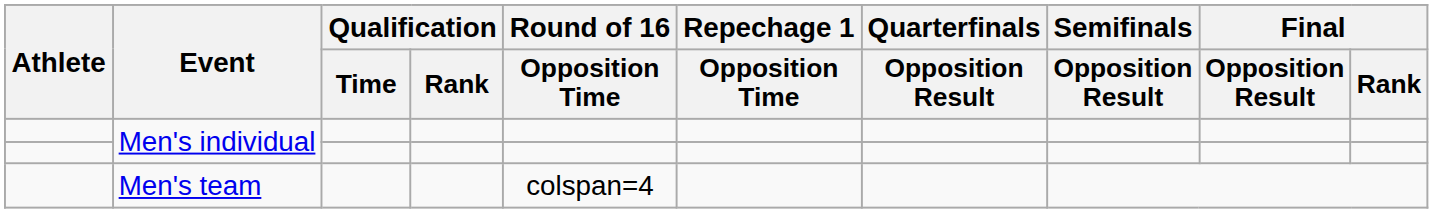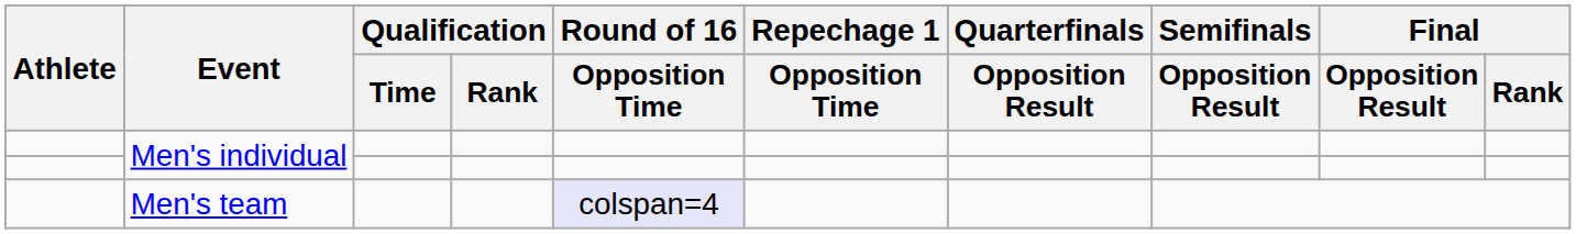 <table class=wikitable style="font-size:90%;">
 <tr>
 <th rowspan=2>Athlete</th>
 <th rowspan=2>Event</th>
 <th colspan=2>Qualification</th>
 <th>Round of 16</th>
 <th>Repechage 1</th>
 <th>Quarterfinals</th>
 <th>Semifinals</th>
 <th colspan=2>Final</th>
 </tr>
 <tr style="font-size:95%">
 <th>Time</th>
 <th>Rank</th>
 <th>Opposition<br>Time</th>
 <th>Opposition<br>Time</th>
 <th>Opposition<br>Result</th>
 <th>Opposition<br>Result</th>
 <th>Opposition<br>Result</th>
 <th>Rank</th>
 </tr>
 <tr align=center>
 <td align=left></td>
 <td align=left rowspan=2><a href='#'>Men's individual</a></td>
 <td></td>
 <td></td>
 <td></td>
 <td></td>
 <td></td>
 <td></td>
 <td></td>
 <td></td>
 </tr>
 <tr align=center>
 <td align=left></td>
 <td></td>
 <td></td>
 <td></td>
 <td></td>
 <td></td>
 <td></td>
 <td></td>
 <td></td>
 </tr>
 <tr align=center>
 <td align=left></td>
 <td align=left><a href='#'>Men's team</a></td>
 <td></td>
 <td></td>
-<td>colspan=4 </td>
+<td style="background: lavender;">colspan=4 </td>
 <td></td>
 <td></td>
 </tr>
 </table>
